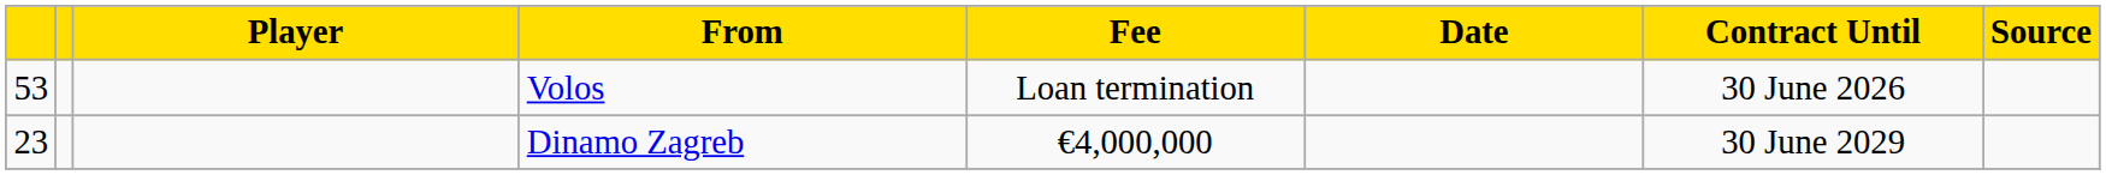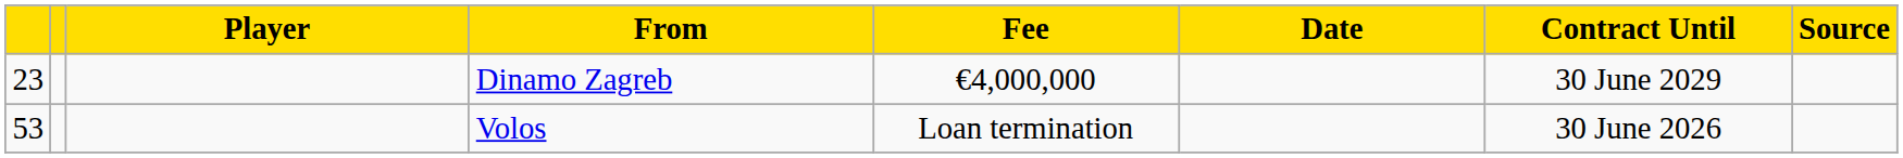 <table class="wikitable sortable">
 <tr>
 <th style="background:#FFDE00"></th>
 <th style="background:#FFDE00"></th>
 <th width=200 style="background:#FFDE00">Player</th>
 <th width=200 style="background:#FFDE00">From</th>
 <th width=150 style="background:#FFDE00">Fee</th>
 <th width=150 style="background:#FFDE00">Date</th>
 <th width=150 style="background:#FFDE00">Contract Until</th>
 <th style="background:#FFDE00">Source</th>
 </tr>
 <tr>
+<td align=center>23</td>
+<td align=center></td>
+<td></td>
+<td> <a href='#'>Dinamo Zagreb</a></td>
+<td align=center>€4,000,000</td>
+<td align=center></td>
+<td align=center>30 June 2029</td>
+<td align=center></td>
+</tr>
+<tr>
 <td align=center>53</td>
 <td align=center></td>
 <td></td>
 <td> <a href='#'>Volos</a></td>
 <td align=center>Loan termination</td>
 <td align=center></td>
 <td align=center>30 June 2026</td>
 <td align=center></td>
 </tr>
-<tr>
-<td align=center>23</td>
-<td align=center></td>
-<td></td>
-<td> <a href='#'>Dinamo Zagreb</a></td>
-<td align=center>€4,000,000</td>
-<td align=center></td>
-<td align=center>30 June 2029</td>
-<td align=center></td>
-</tr>
 </table>
